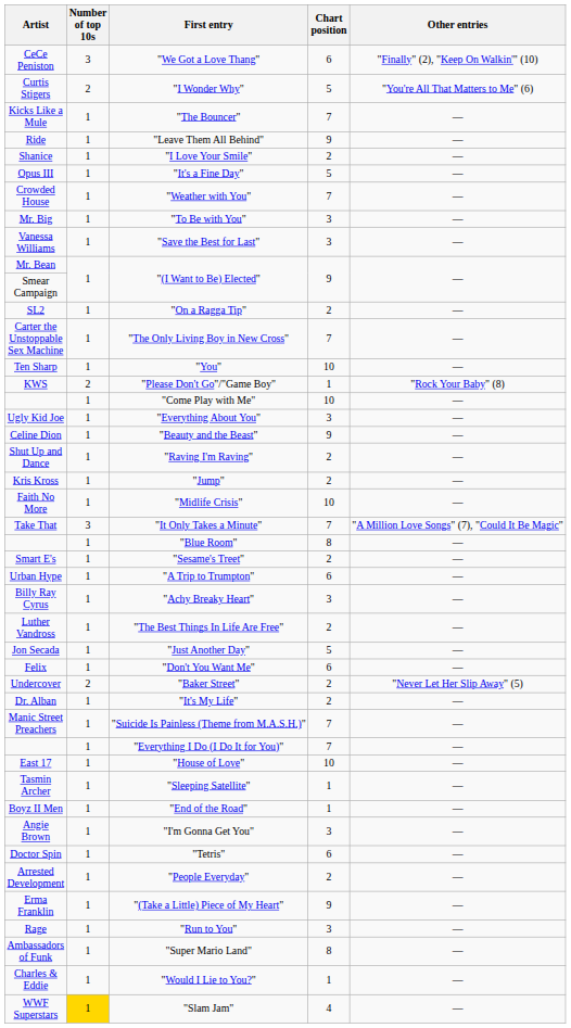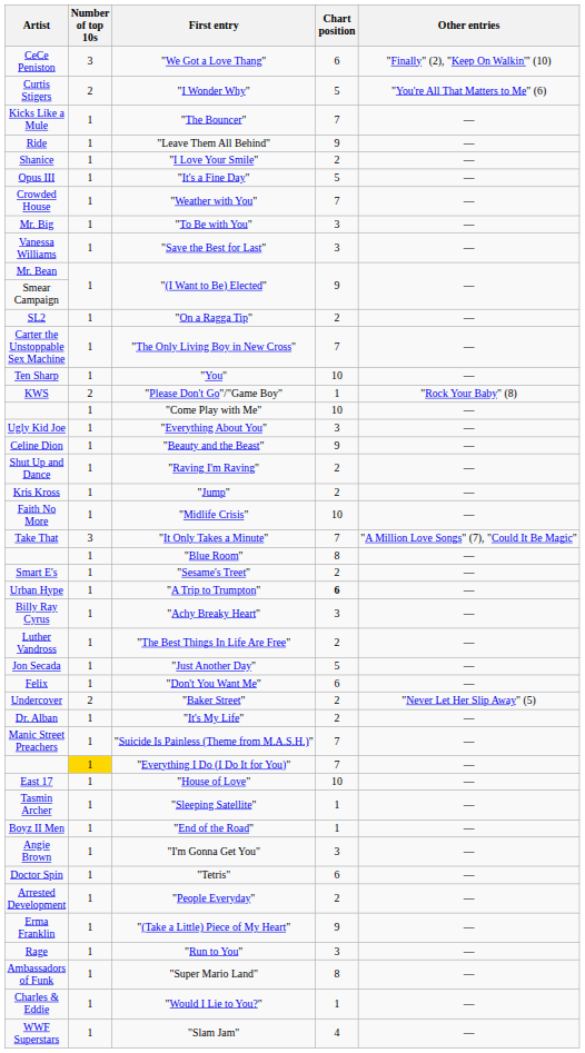 <table class="wikitable sortable mw-collapsible mw-collapsed" style="text-align: center;">
 <tr>
 <th scope="col" style="width:55px;">Artist</th>
 <th scope="col" style="width:55px;" data-sort-type="number">Number of top 10s</th>
 <th scope="col" style="text-align:center;">First entry</th>
 <th scope="col" style="width:55px;" data-sort-type="number">Chart position</th>
 <th scope="col" style="text-align:center;">Other entries</th>
 </tr>
 <tr>
 <td><a href='#'>CeCe Peniston</a></td>
 <td>3</td>
 <td>"<a href='#'>We Got a Love Thang</a>"</td>
 <td>6</td>
 <td>"<a href='#'>Finally</a>" (2), "<a href='#'>Keep On Walkin'</a>" (10)</td>
 </tr>
 <tr>
 <td><a href='#'>Curtis Stigers</a></td>
 <td>2</td>
 <td>"<a href='#'>I Wonder Why</a>"</td>
 <td>5</td>
 <td>"<a href='#'>You're All That Matters to Me</a>" (6)</td>
 </tr>
 <tr>
 <td><a href='#'>Kicks Like a Mule</a></td>
 <td>1</td>
 <td>"<a href='#'>The Bouncer</a>"</td>
 <td>7</td>
 <td>—</td>
 </tr>
 <tr>
 <td><a href='#'>Ride</a></td>
 <td>1</td>
 <td>"Leave Them All Behind"</td>
 <td>9</td>
 <td>—</td>
 </tr>
 <tr>
 <td><a href='#'>Shanice</a></td>
 <td>1</td>
 <td>"<a href='#'>I Love Your Smile</a>"</td>
 <td>2</td>
 <td>—</td>
 </tr>
 <tr>
 <td><a href='#'>Opus III</a></td>
 <td>1</td>
 <td>"<a href='#'>It's a Fine Day</a>"</td>
 <td>5</td>
 <td>—</td>
 </tr>
 <tr>
 <td><a href='#'>Crowded House</a></td>
 <td>1</td>
 <td>"<a href='#'>Weather with You</a>"</td>
 <td>7</td>
 <td>—</td>
 </tr>
 <tr>
 <td><a href='#'>Mr. Big</a></td>
 <td>1</td>
 <td>"<a href='#'>To Be with You</a>"</td>
 <td>3</td>
 <td>—</td>
 </tr>
 <tr>
 <td><a href='#'>Vanessa Williams</a></td>
 <td>1</td>
 <td>"<a href='#'>Save the Best for Last</a>"</td>
 <td>3</td>
 <td>—</td>
 </tr>
 <tr>
 <td><a href='#'>Mr. Bean</a></td>
 <td rowspan="2">1</td>
 <td rowspan="2">"<a href='#'>(I Want to Be) Elected</a>"</td>
 <td rowspan="2">9</td>
 <td rowspan="2">—</td>
 </tr>
 <tr>
 <td>Smear Campaign</td>
 </tr>
 <tr>
 <td><a href='#'>SL2</a></td>
 <td>1</td>
 <td>"<a href='#'>On a Ragga Tip</a>"</td>
 <td>2</td>
 <td>—</td>
 </tr>
 <tr>
 <td><a href='#'>Carter the Unstoppable Sex Machine</a></td>
 <td>1</td>
 <td>"<a href='#'>The Only Living Boy in New Cross</a>"</td>
 <td>7</td>
 <td>—</td>
 </tr>
 <tr>
 <td><a href='#'>Ten Sharp</a></td>
 <td>1</td>
 <td>"<a href='#'>You</a>"</td>
 <td>10</td>
 <td>—</td>
 </tr>
 <tr>
 <td><a href='#'>KWS</a></td>
 <td>2</td>
 <td>"<a href='#'>Please Don't Go</a>"/"Game Boy"</td>
 <td>1</td>
 <td>"<a href='#'>Rock Your Baby</a>" (8)</td>
 </tr>
 <tr>
 <td></td>
 <td>1</td>
 <td>"Come Play with Me"</td>
 <td>10</td>
 <td>—</td>
 </tr>
 <tr>
 <td><a href='#'>Ugly Kid Joe</a></td>
 <td>1</td>
 <td>"<a href='#'>Everything About You</a>"</td>
 <td>3</td>
 <td>—</td>
 </tr>
 <tr>
 <td><a href='#'>Celine Dion</a></td>
 <td>1</td>
 <td>"<a href='#'>Beauty and the Beast</a>"</td>
 <td>9</td>
 <td>—</td>
 </tr>
 <tr>
 <td><a href='#'>Shut Up and Dance</a></td>
 <td>1</td>
 <td>"<a href='#'>Raving I'm Raving</a>"</td>
 <td>2</td>
 <td>—</td>
 </tr>
 <tr>
 <td><a href='#'>Kris Kross</a></td>
 <td>1</td>
 <td>"<a href='#'>Jump</a>"</td>
 <td>2</td>
 <td>—</td>
 </tr>
 <tr>
 <td><a href='#'>Faith No More</a></td>
 <td>1</td>
 <td>"<a href='#'>Midlife Crisis</a>"</td>
 <td>10</td>
 <td>—</td>
 </tr>
 <tr>
 <td><a href='#'>Take That</a></td>
 <td>3</td>
 <td>"<a href='#'>It Only Takes a Minute</a>"</td>
 <td>7</td>
 <td>"<a href='#'>A Million Love Songs</a>" (7), "<a href='#'>Could It Be Magic</a>" </td>
 </tr>
 <tr>
 <td></td>
 <td>1</td>
 <td>"<a href='#'>Blue Room</a>"</td>
 <td>8</td>
 <td>—</td>
 </tr>
 <tr>
 <td><a href='#'>Smart E's</a></td>
 <td>1</td>
 <td>"<a href='#'>Sesame's Treet</a>"</td>
 <td>2</td>
 <td>—</td>
 </tr>
 <tr>
 <td><a href='#'>Urban Hype</a></td>
 <td>1</td>
 <td>"<a href='#'>A Trip to Trumpton</a>"</td>
-<td>6</td>
+<td><strong>6</strong></td>
 <td>—</td>
 </tr>
 <tr>
 <td><a href='#'>Billy Ray Cyrus</a></td>
 <td>1</td>
 <td>"<a href='#'>Achy Breaky Heart</a>"</td>
 <td>3</td>
 <td>—</td>
 </tr>
 <tr>
 <td><a href='#'>Luther Vandross</a></td>
 <td>1</td>
 <td>"<a href='#'>The Best Things In Life Are Free</a>"</td>
 <td>2</td>
 <td>—</td>
 </tr>
 <tr>
 <td><a href='#'>Jon Secada</a></td>
 <td>1</td>
 <td>"<a href='#'>Just Another Day</a>"</td>
 <td>5</td>
 <td>—</td>
 </tr>
 <tr>
 <td><a href='#'>Felix</a></td>
 <td>1</td>
 <td>"<a href='#'>Don't You Want Me</a>"</td>
 <td>6</td>
 <td>—</td>
 </tr>
 <tr>
 <td><a href='#'>Undercover</a></td>
 <td>2</td>
 <td>"<a href='#'>Baker Street</a>"</td>
 <td>2</td>
 <td>"<a href='#'>Never Let Her Slip Away</a>" (5)</td>
 </tr>
 <tr>
 <td><a href='#'>Dr. Alban</a></td>
 <td>1</td>
 <td>"<a href='#'>It's My Life</a>"</td>
 <td>2</td>
 <td>—</td>
 </tr>
 <tr>
 <td><a href='#'>Manic Street Preachers</a></td>
 <td>1</td>
 <td>"<a href='#'>Suicide Is Painless (Theme from M.A.S.H.)</a>"</td>
 <td>7</td>
 <td>—</td>
 </tr>
 <tr>
 <td></td>
-<td>1</td>
+<td style="background: gold;">1</td>
 <td>"<a href='#'>Everything I Do (I Do It for You)</a>"</td>
 <td>7</td>
 <td>—</td>
 </tr>
 <tr>
 <td><a href='#'>East 17</a></td>
 <td>1</td>
 <td>"<a href='#'>House of Love</a>"</td>
 <td>10</td>
 <td>—</td>
 </tr>
 <tr>
 <td><a href='#'>Tasmin Archer</a></td>
 <td>1</td>
 <td>"<a href='#'>Sleeping Satellite</a>"</td>
 <td>1</td>
 <td>—</td>
 </tr>
 <tr>
 <td><a href='#'>Boyz II Men</a></td>
 <td>1</td>
 <td>"<a href='#'>End of the Road</a>"</td>
 <td>1</td>
 <td>—</td>
 </tr>
 <tr>
 <td><a href='#'>Angie Brown</a></td>
 <td>1</td>
 <td>"I'm Gonna Get You"</td>
 <td>3</td>
 <td>—</td>
 </tr>
 <tr>
 <td><a href='#'>Doctor Spin</a></td>
 <td>1</td>
 <td>"Tetris"</td>
 <td>6</td>
 <td>—</td>
 </tr>
 <tr>
 <td><a href='#'>Arrested Development</a></td>
 <td>1</td>
 <td>"<a href='#'>People Everyday</a>"</td>
 <td>2</td>
 <td>—</td>
 </tr>
 <tr>
 <td><a href='#'>Erma Franklin</a></td>
 <td>1</td>
 <td>"<a href='#'>(Take a Little) Piece of My Heart</a>"</td>
 <td>9</td>
 <td>—</td>
 </tr>
 <tr>
 <td><a href='#'>Rage</a></td>
 <td>1</td>
 <td>"<a href='#'>Run to You</a>"</td>
 <td>3</td>
 <td>—</td>
 </tr>
 <tr>
 <td><a href='#'>Ambassadors of Funk</a></td>
 <td>1</td>
 <td>"Super Mario Land"</td>
 <td>8</td>
 <td>—</td>
 </tr>
 <tr>
 <td><a href='#'>Charles & Eddie</a></td>
 <td>1</td>
 <td>"<a href='#'>Would I Lie to You?</a>"</td>
 <td>1</td>
 <td>—</td>
 </tr>
 <tr>
 <td><a href='#'>WWF Superstars</a></td>
-<td style="background: gold;">1</td>
+<td>1</td>
 <td>"Slam Jam"</td>
 <td>4</td>
 <td>—</td>
 </tr>
 </table>
